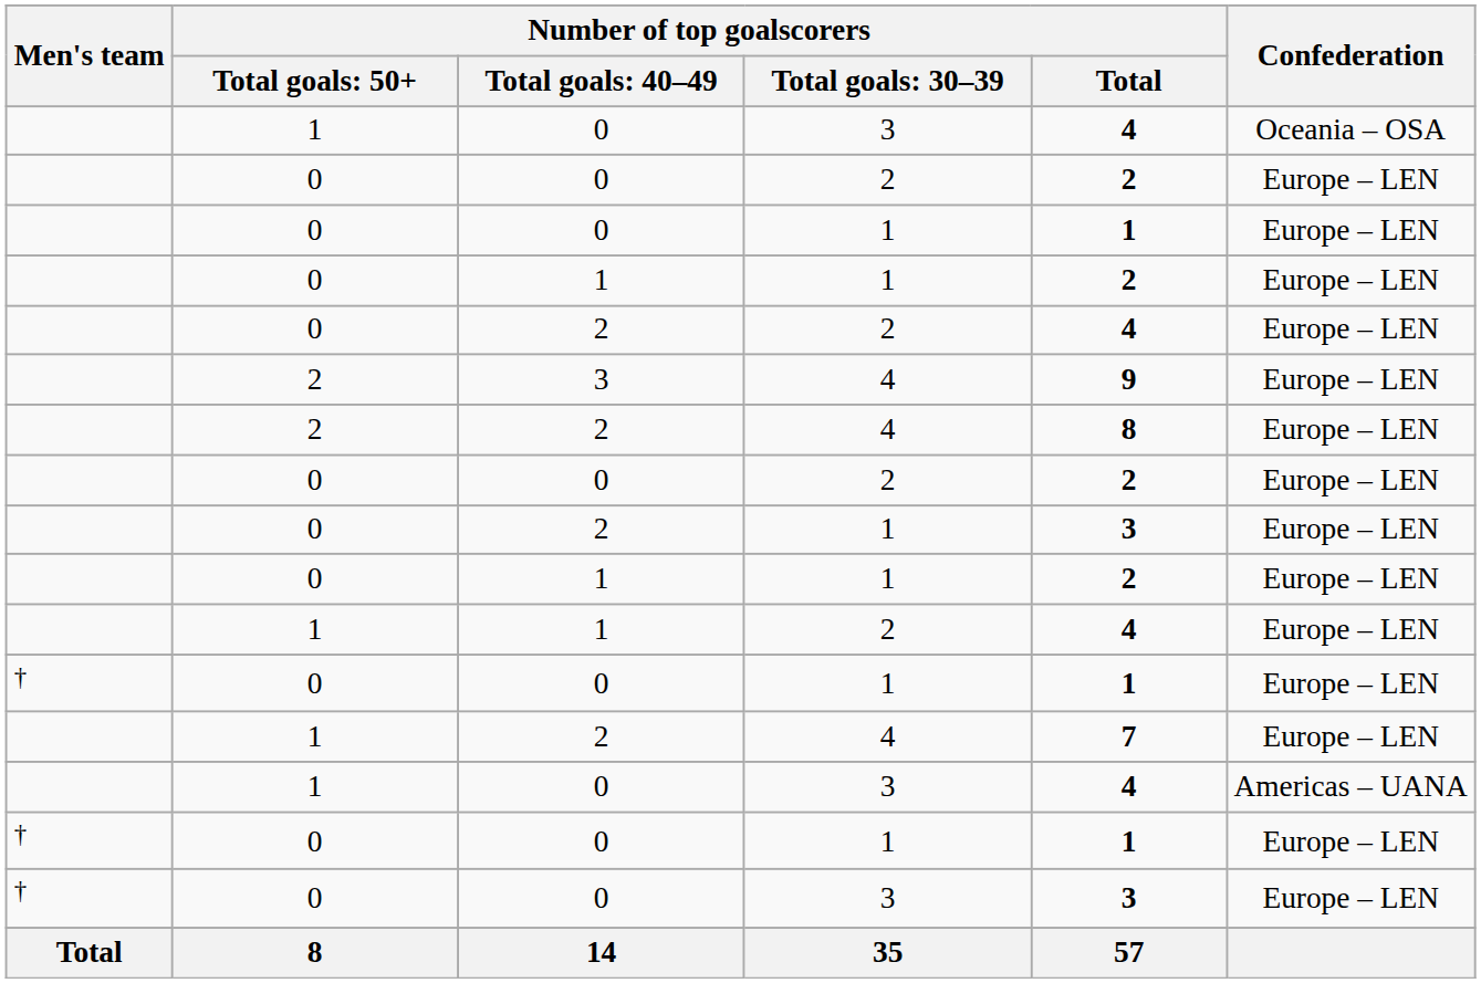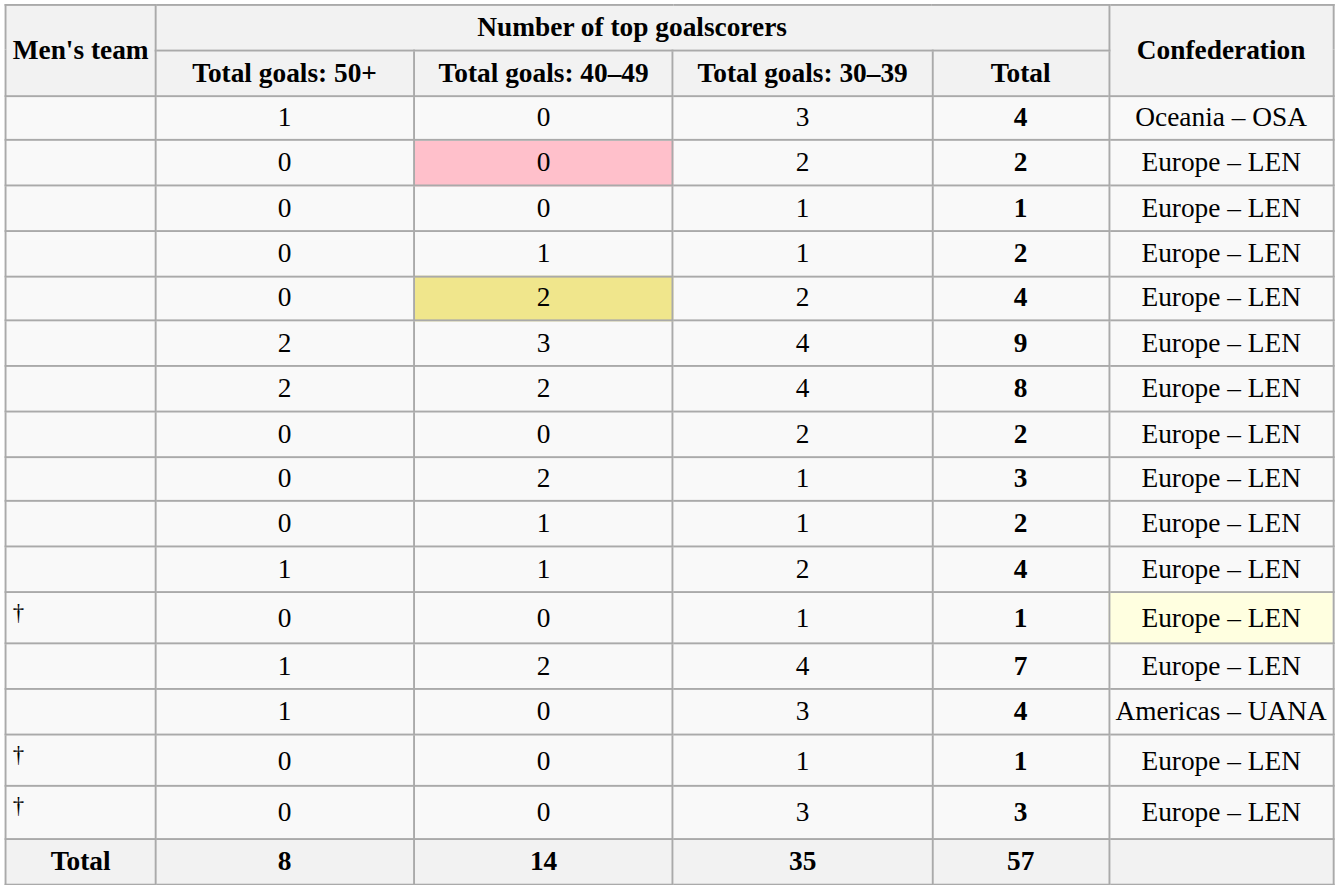 <table class="wikitable sortable" style="text-align: center; font-size: 90%; margin-left: 1em;">
 <tr>
 <th rowspan="2">Men's team</th>
 <th colspan="4">Number of top goalscorers</th>
 <th rowspan="2">Confederation</th>
 </tr>
 <tr>
 <th style="width: 9em;">Total goals: 50+</th>
 <th style="width: 9em;">Total goals: 40–49</th>
 <th style="width: 9em;">Total goals: 30–39</th>
 <th style="width: 6em;">Total</th>
 </tr>
 <tr>
 <td style="text-align: left;"></td>
 <td>1</td>
 <td>0</td>
 <td>3</td>
 <td><strong>4</strong></td>
 <td>Oceania – OSA</td>
 </tr>
 <tr>
 <td style="text-align: left;"></td>
 <td>0</td>
-<td>0</td>
+<td style="background: pink;">0</td>
 <td>2</td>
 <td><strong>2</strong></td>
 <td>Europe – LEN</td>
 </tr>
 <tr>
 <td style="text-align: left;"></td>
 <td>0</td>
 <td>0</td>
 <td>1</td>
 <td><strong>1</strong></td>
 <td>Europe – LEN</td>
 </tr>
 <tr>
 <td style="text-align: left;"></td>
 <td>0</td>
 <td>1</td>
 <td>1</td>
 <td><strong>2</strong></td>
 <td>Europe – LEN</td>
 </tr>
 <tr>
 <td style="text-align: left;"></td>
 <td>0</td>
-<td>2</td>
+<td style="background: khaki;">2</td>
 <td>2</td>
 <td><strong>4</strong></td>
 <td>Europe – LEN</td>
 </tr>
 <tr>
 <td style="text-align: left;"></td>
 <td>2</td>
 <td>3</td>
 <td>4</td>
 <td><strong>9</strong></td>
 <td>Europe – LEN</td>
 </tr>
 <tr>
 <td style="text-align: left;"></td>
 <td>2</td>
 <td>2</td>
 <td>4</td>
 <td><strong>8</strong></td>
 <td>Europe – LEN</td>
 </tr>
 <tr>
 <td style="text-align: left;"></td>
 <td>0</td>
 <td>0</td>
 <td>2</td>
 <td><strong>2</strong></td>
 <td>Europe – LEN</td>
 </tr>
 <tr>
 <td style="text-align: left;"></td>
 <td>0</td>
 <td>2</td>
 <td>1</td>
 <td><strong>3</strong></td>
 <td>Europe – LEN</td>
 </tr>
 <tr>
 <td style="text-align: left;"></td>
 <td>0</td>
 <td>1</td>
 <td>1</td>
 <td><strong>2</strong></td>
 <td>Europe – LEN</td>
 </tr>
 <tr>
 <td style="text-align: left;"></td>
 <td>1</td>
 <td>1</td>
 <td>2</td>
 <td><strong>4</strong></td>
 <td>Europe – LEN</td>
 </tr>
 <tr>
 <td style="text-align: left;"><em></em><sup>†</sup></td>
 <td>0</td>
 <td>0</td>
 <td>1</td>
 <td><strong>1</strong></td>
-<td>Europe – LEN</td>
+<td style="background: lightyellow;">Europe – LEN</td>
 </tr>
 <tr>
 <td style="text-align: left;"></td>
 <td>1</td>
 <td>2</td>
 <td>4</td>
 <td><strong>7</strong></td>
 <td>Europe – LEN</td>
 </tr>
 <tr>
 <td style="text-align: left;"></td>
 <td>1</td>
 <td>0</td>
 <td>3</td>
 <td><strong>4</strong></td>
 <td>Americas – UANA</td>
 </tr>
 <tr>
 <td style="text-align: left;"><em></em><sup>†</sup></td>
 <td>0</td>
 <td>0</td>
 <td>1</td>
 <td><strong>1</strong></td>
 <td>Europe – LEN</td>
 </tr>
 <tr>
 <td style="text-align: left;"><em></em><sup>†</sup></td>
 <td>0</td>
 <td>0</td>
 <td>3</td>
 <td><strong>3</strong></td>
 <td>Europe – LEN</td>
 </tr>
 <tr>
 <th>Total</th>
 <th>8</th>
 <th>14</th>
 <th>35</th>
 <th>57</th>
 <th></th>
 </tr>
 </table>
